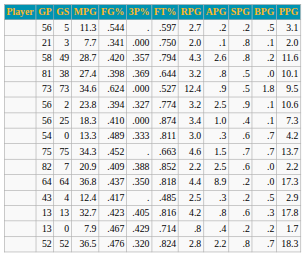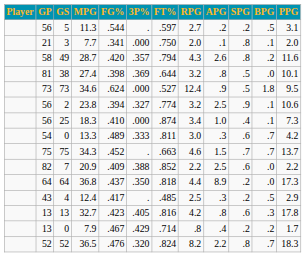 <table class="wikitable sortable" style="text-align:right;">
 <tr>
 <th style="background:#0093B1; color:#FDB827">Player</th>
 <th style="background:#0093B1; color:#FDB827">GP</th>
 <th style="background:#0093B1; color:#FDB827">GS</th>
 <th style="background:#0093B1; color:#FDB827">MPG</th>
 <th style="background:#0093B1; color:#FDB827">FG%</th>
 <th style="background:#0093B1; color:#FDB827">3P%</th>
 <th style="background:#0093B1; color:#FDB827">FT%</th>
 <th style="background:#0093B1; color:#FDB827">RPG</th>
 <th style="background:#0093B1; color:#FDB827">APG</th>
 <th style="background:#0093B1; color:#FDB827">SPG</th>
 <th style="background:#0093B1; color:#FDB827">BPG</th>
 <th style="background:#0093B1; color:#FDB827">PPG</th>
 </tr>
 <tr>
 <td></td>
 <td>56</td>
 <td>5</td>
 <td>11.3</td>
 <td>.544</td>
 <td>.</td>
 <td>.597</td>
 <td>2.7</td>
 <td>.2</td>
 <td>.2</td>
 <td>.5</td>
 <td>3.1</td>
 </tr>
 <tr>
 <td></td>
 <td>21</td>
 <td>3</td>
 <td>7.7</td>
 <td>.341</td>
 <td>.000</td>
 <td>.750</td>
 <td>2.0</td>
 <td>.1</td>
 <td>.8</td>
 <td>.1</td>
 <td>2.0</td>
 </tr>
 <tr>
 <td></td>
 <td>58</td>
 <td>49</td>
 <td>28.7</td>
 <td>.420</td>
 <td>.357</td>
 <td>.794</td>
 <td>4.3</td>
 <td>2.6</td>
 <td>.8</td>
 <td>.2</td>
 <td>11.6</td>
 </tr>
 <tr>
 <td></td>
 <td>81</td>
 <td>38</td>
 <td>27.4</td>
 <td>.398</td>
 <td>.369</td>
 <td>.644</td>
 <td>3.2</td>
 <td>.8</td>
 <td>.5</td>
 <td>.0</td>
 <td>10.1</td>
 </tr>
 <tr>
 <td></td>
 <td>73</td>
 <td>73</td>
 <td>34.6</td>
 <td>.624</td>
 <td>.000</td>
 <td>.527</td>
 <td>12.4</td>
 <td>.9</td>
 <td>.5</td>
 <td>1.8</td>
 <td>9.5</td>
 </tr>
 <tr>
 <td></td>
 <td>56</td>
 <td>2</td>
 <td>23.8</td>
 <td>.394</td>
 <td>.327</td>
 <td>.774</td>
 <td>3.2</td>
 <td>2.5</td>
 <td>.9</td>
 <td>.1</td>
 <td>10.6</td>
 </tr>
 <tr>
 <td></td>
 <td>56</td>
 <td>25</td>
 <td>18.3</td>
 <td>.410</td>
 <td>.000</td>
 <td>.874</td>
 <td>3.4</td>
 <td>1.0</td>
 <td>.4</td>
 <td>.1</td>
 <td>7.3</td>
 </tr>
 <tr>
 <td></td>
 <td>54</td>
 <td>0</td>
 <td>13.3</td>
 <td>.489</td>
 <td>.333</td>
 <td>.811</td>
 <td>3.0</td>
 <td>.3</td>
 <td>.6</td>
 <td>.7</td>
 <td>4.2</td>
 </tr>
 <tr>
 <td></td>
 <td>75</td>
 <td>75</td>
 <td>34.3</td>
 <td>.452</td>
 <td>.</td>
 <td>.663</td>
 <td>4.6</td>
 <td>1.5</td>
 <td>.7</td>
 <td>.7</td>
 <td>13.7</td>
 </tr>
 <tr>
 <td></td>
 <td>82</td>
 <td>7</td>
 <td>20.9</td>
 <td>.409</td>
 <td>.388</td>
 <td>.852</td>
 <td>2.2</td>
 <td>2.5</td>
 <td>.6</td>
 <td>.0</td>
 <td>2.2</td>
 </tr>
 <tr>
 <td></td>
 <td>64</td>
 <td>64</td>
 <td>36.8</td>
 <td>.437</td>
 <td>.350</td>
 <td>.818</td>
 <td>4.4</td>
 <td>8.9</td>
 <td>.2</td>
 <td>.0</td>
 <td>17.3</td>
 </tr>
 <tr>
 <td></td>
 <td>43</td>
 <td>4</td>
 <td>12.4</td>
 <td>.417</td>
 <td>.</td>
 <td>.485</td>
 <td>2.5</td>
 <td>.3</td>
 <td>.2</td>
 <td>.5</td>
 <td>2.9</td>
 </tr>
 <tr>
 <td></td>
 <td>13</td>
 <td>13</td>
 <td>32.7</td>
 <td>.423</td>
 <td>.405</td>
 <td>.816</td>
 <td>4.2</td>
 <td>.8</td>
 <td>.6</td>
 <td>.3</td>
 <td>17.8</td>
 </tr>
 <tr>
 <td></td>
 <td>13</td>
 <td>0</td>
 <td>7.9</td>
 <td>.467</td>
 <td>.429</td>
 <td>.714</td>
 <td>.8</td>
 <td>.4</td>
 <td>.2</td>
 <td>.2</td>
 <td>1.7</td>
 </tr>
 <tr>
 <td></td>
 <td>52</td>
 <td>52</td>
 <td>36.5</td>
 <td>.476</td>
 <td>.320</td>
 <td>.824</td>
-<td>2.8</td>
+<td>8.2</td>
 <td>2.2</td>
 <td>.8</td>
 <td>.7</td>
 <td>18.3</td>
 </tr>
 </table>
